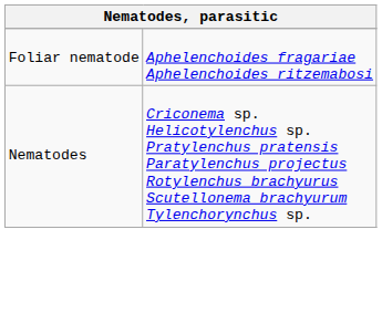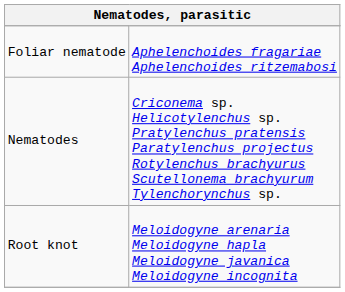 <table class="wikitable" style="clear:left">
 <tr>
 <th colspan=2><strong>Nematodes, parasitic</strong><br></th>
 </tr>
 <tr>
 </tr>
 <tr>
 <td>Foliar nematode</td>
 <td><br><em><a href='#'>Aphelenchoides fragariae</a></em> <br> <em><a href='#'>Aphelenchoides ritzemabosi</a></em></td>
 </tr>
 <tr>
 <td>Nematodes</td>
 <td><br><em><a href='#'>Criconema</a></em> sp. <br> <em><a href='#'>Helicotylenchus</a></em> sp. <br> <em><a href='#'>Pratylenchus pratensis</a></em> <br> <em><a href='#'>Paratylenchus projectus</a></em> <br> <em><a href='#'>Rotylenchus brachyurus</a></em> <br> <em><a href='#'>Scutellonema brachyurum</a></em> <br> <em><a href='#'>Tylenchorynchus</a></em> sp.</td>
 </tr>
 <tr>
+<td>Root knot</td>
+<td><br><em><a href='#'>Meloidogyne arenaria</a></em> <br> <em><a href='#'>Meloidogyne hapla</a></em> <br>  <em><a href='#'>Meloidogyne javanica</a></em> <br> <em><a href='#'>Meloidogyne incognita</a></em></td>
+</tr>
+<tr>
 </tr>
 </table>
